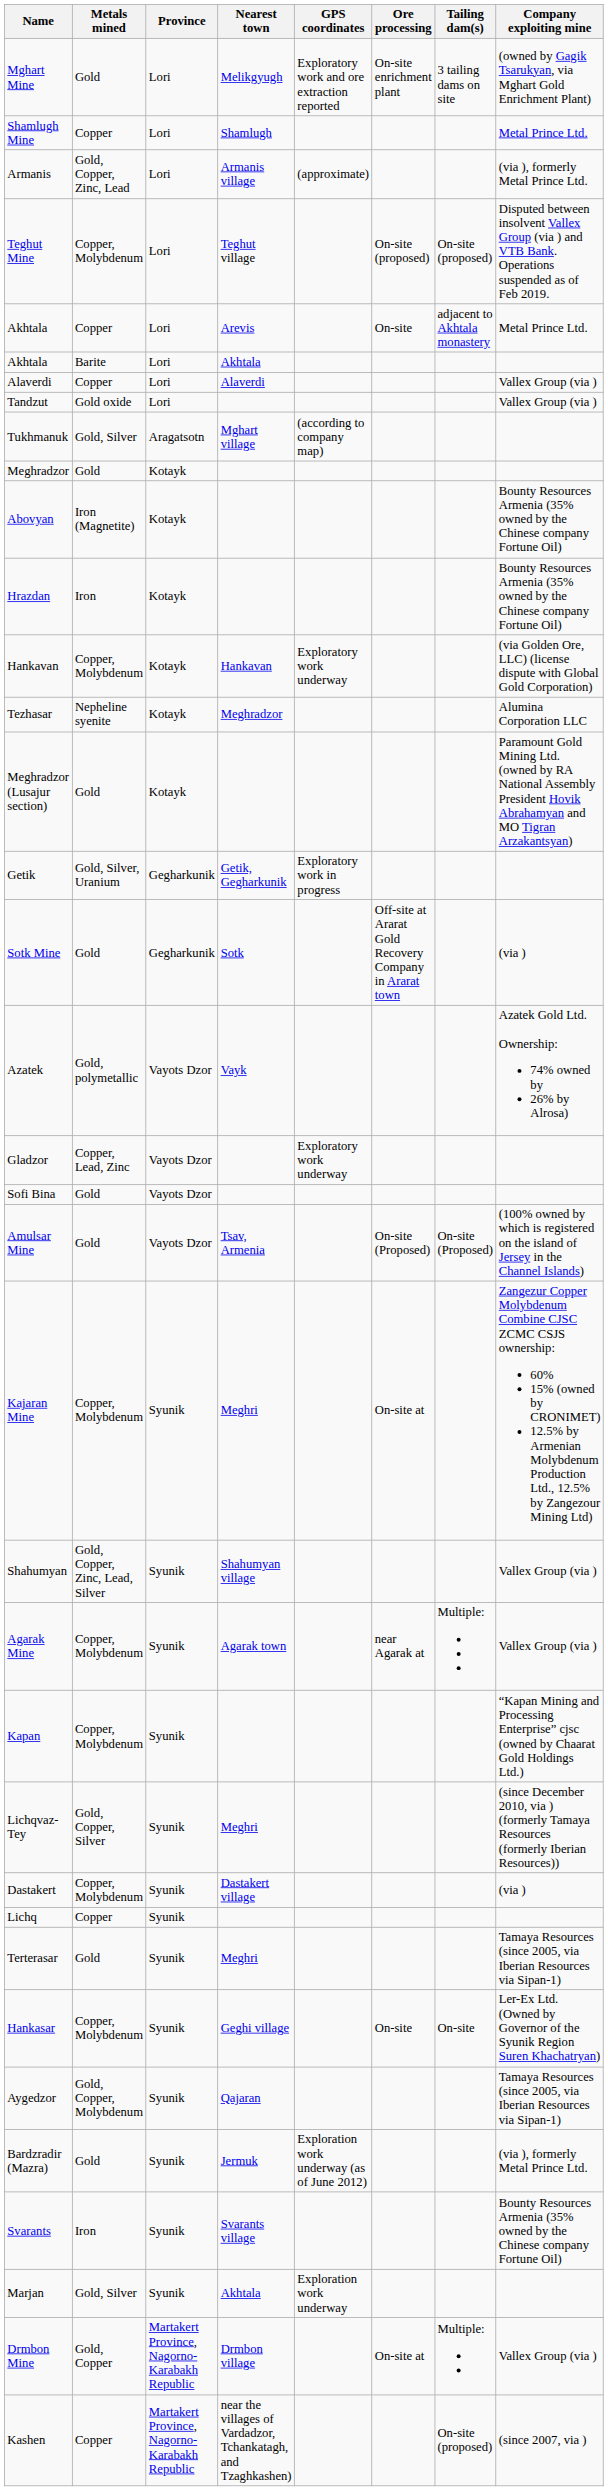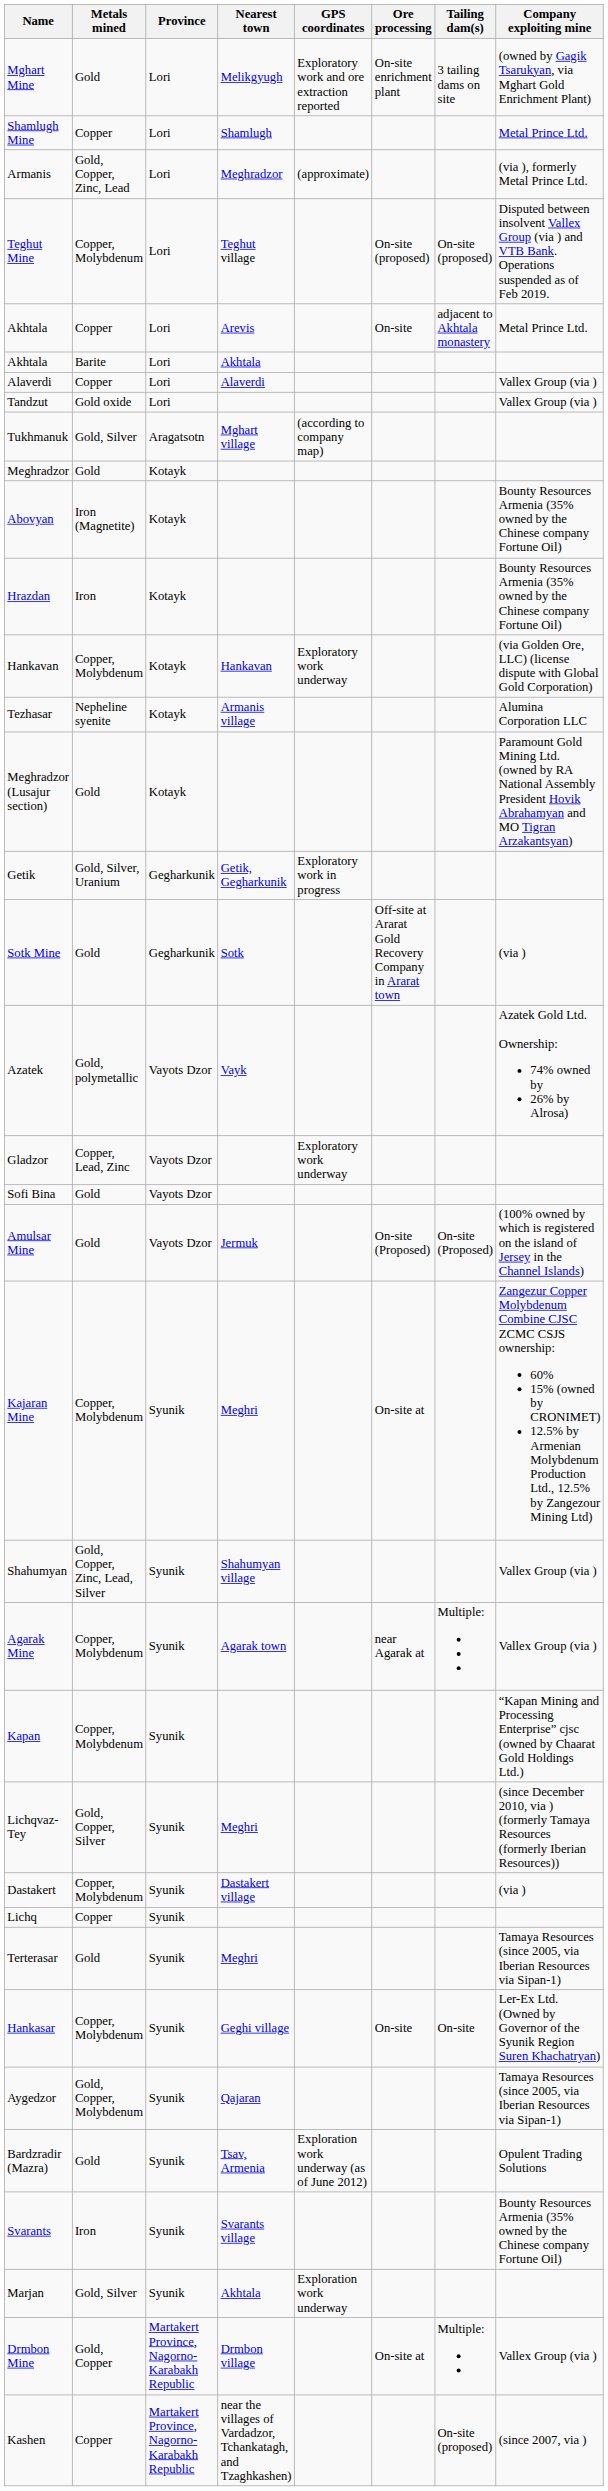 <table class="wikitable sortable collapsible" border="1">
 <tr>
 <th scope="col">Name</th>
 <th scope="col">Metals mined</th>
 <th scope="col">Province</th>
 <th scope="col">Nearest town</th>
 <th scope="col" class="unsortable">GPS coordinates</th>
 <th scope="col" class="unsortable">Ore processing</th>
 <th scope="col" class="unsortable">Tailing dam(s)</th>
 <th scope="col">Company exploiting mine</th>
 </tr>
 <tr>
 <td><a href='#'>Mghart Mine</a></td>
 <td>Gold</td>
 <td>Lori</td>
 <td><a href='#'>Melikgyugh</a></td>
 <td><br>Exploratory work and ore extraction reported</td>
 <td>On-site enrichment plant</td>
 <td><br>3 tailing dams on site</td>
 <td> (owned by <a href='#'>Gagik Tsarukyan</a>, via Mghart Gold Enrichment Plant)</td>
 </tr>
 <tr>
 <td><a href='#'>Shamlugh Mine</a></td>
 <td>Copper</td>
 <td>Lori</td>
 <td><a href='#'>Shamlugh</a></td>
 <td></td>
 <td></td>
 <td></td>
 <td><a href='#'>Metal Prince Ltd.</a></td>
 </tr>
 <tr>
 <td>Armanis</td>
 <td>Gold, Copper, Zinc, Lead</td>
 <td>Lori</td>
-<td><a href='#'>Armanis village</a></td>
+<td><a href='#'>Meghradzor</a></td>
 <td> (approximate)</td>
 <td></td>
 <td></td>
 <td> (via ), formerly Metal Prince Ltd.</td>
 </tr>
 <tr>
 <td><a href='#'>Teghut Mine</a></td>
 <td>Copper, Molybdenum</td>
 <td>Lori</td>
 <td><a href='#'>Teghut</a> village</td>
 <td></td>
 <td>On-site (proposed)</td>
 <td>On-site (proposed)</td>
 <td>Disputed between insolvent <a href='#'>Vallex Group</a> (via ) and <a href='#'>VTB Bank</a>. Operations suspended as of Feb 2019.</td>
 </tr>
 <tr>
 <td>Akhtala</td>
 <td>Copper</td>
 <td>Lori</td>
 <td><a href='#'>Arevis</a></td>
 <td></td>
 <td>On-site</td>
 <td> adjacent to <a href='#'>Akhtala monastery</a></td>
 <td>Metal Prince Ltd.</td>
 </tr>
 <tr>
 <td>Akhtala</td>
 <td>Barite</td>
 <td>Lori</td>
 <td><a href='#'>Akhtala</a></td>
 <td></td>
 <td></td>
 <td></td>
 <td></td>
 </tr>
 <tr>
 <td>Alaverdi</td>
 <td>Copper</td>
 <td>Lori</td>
 <td><a href='#'>Alaverdi</a></td>
 <td></td>
 <td></td>
 <td></td>
 <td>Vallex Group (via )</td>
 </tr>
 <tr>
 <td>Tandzut</td>
 <td>Gold oxide</td>
 <td>Lori</td>
 <td></td>
 <td></td>
 <td></td>
 <td></td>
 <td>Vallex Group (via )</td>
 </tr>
 <tr>
 <td>Tukhmanuk</td>
 <td>Gold, Silver</td>
 <td>Aragatsotn</td>
 <td><a href='#'>Mghart village</a></td>
 <td> (according to company map)</td>
 <td></td>
 <td></td>
 <td></td>
 </tr>
 <tr>
 <td>Meghradzor</td>
 <td>Gold</td>
 <td>Kotayk</td>
 <td></td>
 <td></td>
 <td></td>
 <td></td>
 <td></td>
 </tr>
 <tr>
 <td><a href='#'>Abovyan</a></td>
 <td>Iron (Magnetite)</td>
 <td>Kotayk</td>
 <td></td>
 <td></td>
 <td></td>
 <td></td>
 <td>Bounty Resources Armenia (35% owned by the Chinese company Fortune Oil)</td>
 </tr>
 <tr>
 <td><a href='#'>Hrazdan</a></td>
 <td>Iron</td>
 <td>Kotayk</td>
 <td></td>
 <td></td>
 <td></td>
 <td></td>
 <td>Bounty Resources Armenia (35% owned by the Chinese company Fortune Oil)</td>
 </tr>
 <tr>
 <td>Hankavan</td>
 <td>Copper, Molybdenum</td>
 <td>Kotayk</td>
 <td><a href='#'>Hankavan</a></td>
 <td>Exploratory work underway</td>
 <td></td>
 <td></td>
 <td> (via Golden Ore, LLC) (license dispute with Global Gold Corporation)</td>
 </tr>
 <tr>
 <td>Tezhasar</td>
 <td>Nepheline syenite</td>
 <td>Kotayk</td>
-<td><a href='#'>Meghradzor</a></td>
+<td><a href='#'>Armanis village</a></td>
 <td></td>
 <td></td>
 <td></td>
 <td>Alumina Corporation LLC</td>
 </tr>
 <tr>
 <td>Meghradzor (Lusajur section)</td>
 <td>Gold</td>
 <td>Kotayk</td>
 <td></td>
 <td></td>
 <td></td>
 <td></td>
 <td>Paramount Gold Mining Ltd. (owned by RA National Assembly President <a href='#'>Hovik Abrahamyan</a> and MO <a href='#'>Tigran Arzakantsyan</a>)</td>
 </tr>
 <tr>
 <td>Getik</td>
 <td>Gold, Silver, Uranium</td>
 <td>Gegharkunik</td>
 <td><a href='#'>Getik, Gegharkunik</a></td>
 <td>Exploratory work in progress</td>
 <td></td>
 <td></td>
 <td></td>
 </tr>
 <tr>
 <td><a href='#'>Sotk Mine</a></td>
 <td>Gold</td>
 <td>Gegharkunik</td>
 <td><a href='#'>Sotk</a></td>
 <td></td>
 <td>Off-site at Ararat Gold Recovery Company in <a href='#'>Ararat town</a> </td>
 <td></td>
 <td> (via )</td>
 </tr>
 <tr>
 <td>Azatek</td>
 <td>Gold, polymetallic</td>
 <td>Vayots Dzor</td>
 <td><a href='#'>Vayk</a></td>
 <td></td>
 <td></td>
 <td></td>
 <td>Azatek Gold Ltd.<br><br>Ownership:<ul><li>74% owned by </li><li>26% by Alrosa)</li></ul></td>
 </tr>
 <tr>
 <td>Gladzor</td>
 <td>Copper, Lead, Zinc</td>
 <td>Vayots Dzor</td>
 <td></td>
 <td>Exploratory work underway</td>
 <td></td>
 <td></td>
 <td></td>
 </tr>
 <tr>
 <td>Sofi Bina</td>
 <td>Gold</td>
 <td>Vayots Dzor</td>
 <td></td>
 <td></td>
 <td></td>
 <td></td>
 <td></td>
 </tr>
 <tr>
 <td><a href='#'>Amulsar Mine</a></td>
 <td>Gold</td>
 <td>Vayots Dzor</td>
-<td><a href='#'>Tsav, Armenia</a></td>
+<td><a href='#'>Jermuk</a></td>
 <td></td>
 <td>On-site (Proposed)</td>
 <td>On-site (Proposed)</td>
 <td> (100% owned by  which is registered on the island of <a href='#'>Jersey</a> in the <a href='#'>Channel Islands</a>)</td>
 </tr>
 <tr>
 <td><a href='#'>Kajaran Mine</a></td>
 <td>Copper, Molybdenum</td>
 <td>Syunik</td>
 <td><a href='#'>Meghri</a></td>
 <td></td>
 <td>On-site at </td>
 <td></td>
 <td><a href='#'>  Zangezur Copper Molybdenum Combine CJSC</a><br>ZCMC CSJS ownership:<br><ul><li>60%  </li><li>15%   (owned by CRONIMET)</li><li>12.5% by Armenian Molybdenum Production Ltd., 12.5% by Zangezour Mining Ltd)</li></ul></td>
 </tr>
 <tr>
 <td>Shahumyan</td>
 <td>Gold, Copper, Zinc, Lead, Silver</td>
 <td>Syunik</td>
 <td><a href='#'>Shahumyan village</a></td>
 <td></td>
 <td></td>
 <td></td>
 <td>Vallex Group (via )</td>
 </tr>
 <tr>
 <td><a href='#'>Agarak Mine</a></td>
 <td>Copper, Molybdenum</td>
 <td>Syunik</td>
 <td><a href='#'>Agarak town</a></td>
 <td></td>
 <td>near Agarak at  </td>
 <td>Multiple:<br><ul><li></li><li></li><li></li></ul></td>
 <td>Vallex Group (via )</td>
 </tr>
 <tr>
 <td><a href='#'>Kapan</a></td>
 <td>Copper, Molybdenum</td>
 <td>Syunik</td>
 <td></td>
 <td></td>
 <td></td>
 <td></td>
 <td>“Kapan Mining and Processing Enterprise” cjsc (owned by Chaarat Gold Holdings Ltd.)</td>
 </tr>
 <tr>
 <td>Lichqvaz-Tey</td>
 <td>Gold, Copper, Silver</td>
 <td>Syunik</td>
 <td><a href='#'>Meghri</a></td>
 <td></td>
 <td></td>
 <td></td>
 <td> (since December 2010, via ) (formerly Tamaya Resources (formerly Iberian Resources))</td>
 </tr>
 <tr>
 <td>Dastakert</td>
 <td>Copper, Molybdenum</td>
 <td>Syunik</td>
 <td><a href='#'> Dastakert village</a></td>
 <td></td>
 <td></td>
 <td></td>
 <td> (via )</td>
 </tr>
 <tr>
 <td>Lichq</td>
 <td>Copper</td>
 <td>Syunik</td>
 <td></td>
 <td></td>
 <td></td>
 <td></td>
 <td></td>
 </tr>
 <tr>
 <td>Terterasar</td>
 <td>Gold</td>
 <td>Syunik</td>
 <td><a href='#'>Meghri</a></td>
 <td></td>
 <td></td>
 <td></td>
 <td>Tamaya Resources (since 2005, via Iberian Resources via Sipan-1)</td>
 </tr>
 <tr>
 <td><a href='#'>Hankasar</a></td>
 <td>Copper, Molybdenum</td>
 <td>Syunik</td>
 <td><a href='#'>Geghi village</a></td>
 <td></td>
 <td>On-site</td>
 <td>On-site</td>
 <td>Ler-Ex Ltd. (Owned by Governor of the Syunik Region <a href='#'>Suren Khachatryan</a>)</td>
 </tr>
 <tr>
 <td>Aygedzor</td>
 <td>Gold, Copper, Molybdenum</td>
 <td>Syunik</td>
 <td><a href='#'>Qajaran</a></td>
 <td></td>
 <td></td>
 <td></td>
 <td>Tamaya Resources (since 2005, via Iberian Resources via Sipan-1)</td>
 </tr>
 <tr>
 <td>Bardzradir (Mazra)</td>
 <td>Gold</td>
 <td>Syunik</td>
-<td><a href='#'>Jermuk</a></td>
+<td><a href='#'>Tsav, Armenia</a></td>
 <td>Exploration work underway (as of June 2012)</td>
 <td></td>
 <td></td>
-<td> (via ), formerly Metal Prince Ltd.</td>
+<td>Opulent Trading Solutions</td>
 </tr>
 <tr>
 <td><a href='#'>Svarants</a></td>
 <td>Iron</td>
 <td>Syunik</td>
 <td><a href='#'>Svarants village</a></td>
 <td></td>
 <td></td>
 <td></td>
 <td>Bounty Resources Armenia (35% owned by the Chinese company  Fortune Oil)</td>
 </tr>
 <tr>
 <td>Marjan</td>
 <td>Gold, Silver</td>
 <td>Syunik</td>
 <td><a href='#'>Akhtala</a></td>
 <td>Exploration work underway<br></td>
 <td></td>
 <td></td>
 <td></td>
 </tr>
 <tr>
 <td><a href='#'>Drmbon Mine</a></td>
 <td>Gold, Copper</td>
 <td><a href='#'>Martakert Province</a>, <a href='#'>Nagorno-Karabakh Republic</a></td>
 <td><a href='#'>Drmbon village</a></td>
 <td></td>
 <td>On-site at </td>
 <td>Multiple:<br><ul><li></li><li></li></ul></td>
 <td>Vallex Group (via )</td>
 </tr>
 <tr>
 <td>Kashen</td>
 <td>Copper</td>
 <td><a href='#'>Martakert Province</a>, <a href='#'>Nagorno-Karabakh Republic</a></td>
 <td>near the villages of Vardadzor, Tchankatagh, and Tzaghkashen)</td>
 <td></td>
 <td></td>
 <td>On-site (proposed)</td>
 <td> (since 2007, via )</td>
 </tr>
 </table>
